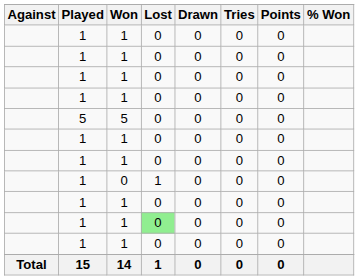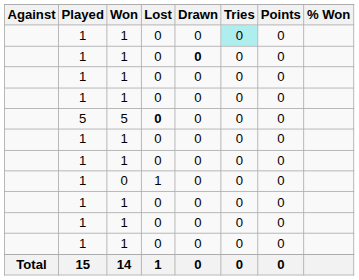 <table class="sortable wikitable" style="text-align: center;">
 <tr>
 </tr>
 <tr>
 <th>Against</th>
 <th>Played</th>
 <th>Won</th>
 <th>Lost</th>
 <th>Drawn</th>
 <th>Tries</th>
 <th>Points</th>
 <th>% Won</th>
 </tr>
 <tr>
 <td align="left"></td>
 <td>1</td>
 <td>1</td>
 <td>0</td>
 <td>0</td>
-<td>0</td>
+<td style="background: paleturquoise;">0</td>
 <td>0</td>
 <td></td>
 </tr>
 <tr>
 <td align="left"></td>
 <td>1</td>
 <td>1</td>
 <td>0</td>
-<td>0</td>
+<td><strong>0</strong></td>
 <td>0</td>
 <td>0</td>
 <td></td>
 </tr>
 <tr>
 <td align="left"></td>
 <td>1</td>
 <td>1</td>
 <td>0</td>
 <td>0</td>
 <td>0</td>
 <td>0</td>
 <td></td>
 </tr>
 <tr>
 <td align="left"></td>
 <td>1</td>
 <td>1</td>
 <td>0</td>
 <td>0</td>
 <td>0</td>
 <td>0</td>
 <td></td>
 </tr>
 <tr>
 <td align="left"></td>
 <td>5</td>
 <td>5</td>
-<td>0</td>
+<td><strong>0</strong></td>
 <td>0</td>
 <td>0</td>
 <td>0</td>
 <td></td>
 </tr>
 <tr>
 <td align="left"></td>
 <td>1</td>
 <td>1</td>
 <td>0</td>
 <td>0</td>
 <td>0</td>
 <td>0</td>
 <td></td>
 </tr>
 <tr>
 <td align="left"></td>
 <td>1</td>
 <td>1</td>
 <td>0</td>
 <td>0</td>
 <td>0</td>
 <td>0</td>
 <td></td>
 </tr>
 <tr>
 <td align="left"></td>
 <td>1</td>
 <td>0</td>
 <td>1</td>
 <td>0</td>
 <td>0</td>
 <td>0</td>
 <td></td>
 </tr>
 <tr>
 <td align="left"></td>
 <td>1</td>
 <td>1</td>
 <td>0</td>
 <td>0</td>
 <td>0</td>
 <td>0</td>
 <td></td>
 </tr>
 <tr>
 <td align="left"></td>
 <td>1</td>
 <td>1</td>
-<td style="background: lightgreen;">0</td>
+<td>0</td>
 <td>0</td>
 <td>0</td>
 <td>0</td>
 <td></td>
 </tr>
 <tr>
 <td align="left"></td>
 <td>1</td>
 <td>1</td>
 <td>0</td>
 <td>0</td>
 <td>0</td>
 <td>0</td>
 <td></td>
 </tr>
 <tr>
 </tr>
 <tr class="sortbottom">
 <th>Total</th>
 <th>15</th>
 <th>14</th>
 <th>1</th>
 <th>0</th>
 <th>0</th>
 <th>0</th>
 <th></th>
 </tr>
 </table>
